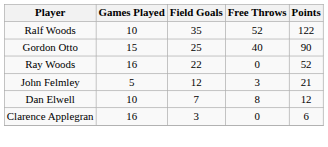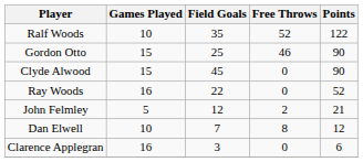 <table class="wikitable sortable">
 <tr>
 <th>Player</th>
 <th>Games Played</th>
 <th>Field Goals</th>
 <th>Free Throws</th>
 <th>Points</th>
 </tr>
 <tr align="center" bgcolor="">
 <td>Ralf Woods</td>
 <td>10</td>
 <td>35</td>
 <td>52</td>
 <td>122</td>
 </tr>
 <tr align="center" bgcolor="">
 <td>Gordon Otto</td>
 <td>15</td>
 <td>25</td>
-<td>40</td>
+<td>46</td>
+<td>90</td>
+</tr>
+<tr align="center" bgcolor="">
+<td>Clyde Alwood</td>
+<td>15</td>
+<td>45</td>
+<td>0</td>
 <td>90</td>
 </tr>
 <tr align="center" bgcolor="">
 <td>Ray Woods</td>
 <td>16</td>
 <td>22</td>
 <td>0</td>
 <td>52</td>
 </tr>
 <tr align="center" bgcolor="">
 <td>John Felmley</td>
 <td>5</td>
 <td>12</td>
-<td>3</td>
+<td>2</td>
 <td>21</td>
 </tr>
 <tr align="center" bgcolor="">
 <td>Dan Elwell</td>
 <td>10</td>
 <td>7</td>
 <td>8</td>
 <td>12</td>
 </tr>
 <tr align="center" bgcolor="">
 <td>Clarence Applegran</td>
 <td>16</td>
 <td>3</td>
 <td>0</td>
 <td>6</td>
 </tr>
 <tr align="center" bgcolor="">
 </tr>
 </table>
